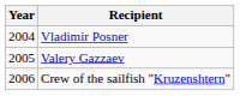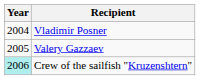 <table class="wikitable">
 <tr>
 <th>Year</th>
 <th>Recipient</th>
 </tr>
 <tr>
 <td>2004</td>
 <td><a href='#'>Vladimir Posner</a></td>
 </tr>
 <tr>
 <td>2005</td>
 <td><a href='#'>Valery Gazzaev</a></td>
 </tr>
 <tr>
-<td>2006</td>
+<td style="background: paleturquoise;">2006</td>
 <td>Crew of the sailfish "<a href='#'>Kruzenshtern</a>"</td>
 </tr>
 </table>
